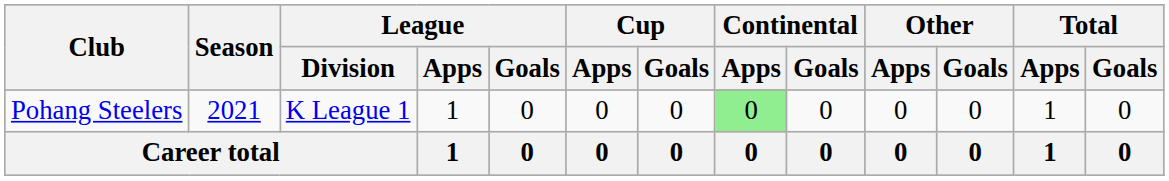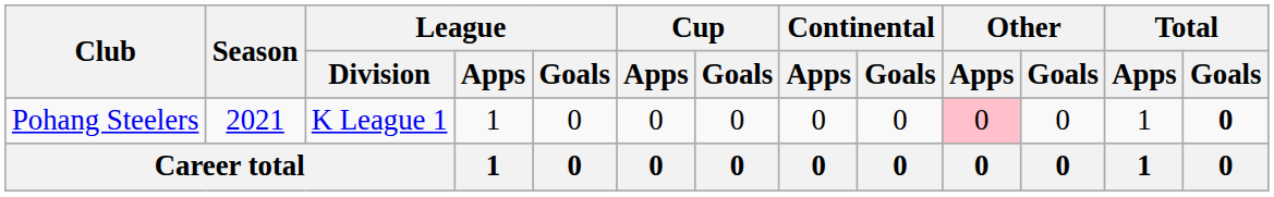 <table class="wikitable" style="text-align: center">
 <tr>
 <th rowspan="2">Club</th>
 <th rowspan="2">Season</th>
 <th colspan="3">League</th>
 <th colspan="2">Cup</th>
 <th colspan="2">Continental</th>
 <th colspan="2">Other</th>
 <th colspan="2">Total</th>
 </tr>
 <tr>
 <th>Division</th>
 <th>Apps</th>
 <th>Goals</th>
 <th>Apps</th>
 <th>Goals</th>
 <th>Apps</th>
 <th>Goals</th>
 <th>Apps</th>
 <th>Goals</th>
 <th>Apps</th>
 <th>Goals</th>
 </tr>
 <tr>
 <td><a href='#'>Pohang Steelers</a></td>
 <td><a href='#'>2021</a></td>
 <td><a href='#'>K League 1</a></td>
 <td>1</td>
 <td>0</td>
 <td>0</td>
 <td>0</td>
-<td style="background: lightgreen;">0</td>
 <td>0</td>
 <td>0</td>
+<td style="background: pink;">0</td>
 <td>0</td>
 <td>1</td>
-<td>0</td>
+<td><strong>0</strong></td>
 </tr>
 <tr>
 <th colspan=3>Career total</th>
 <th>1</th>
 <th>0</th>
 <th>0</th>
 <th>0</th>
 <th>0</th>
 <th>0</th>
 <th>0</th>
 <th>0</th>
 <th>1</th>
 <th>0</th>
 </tr>
 </table>
